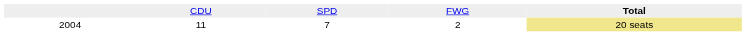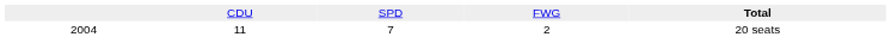 <table border="0" cellpadding="2" cellspacing="0" width="60%">
 <tr bgcolor="#eeeeee" align="center">
 <td></td>
 <td><a href='#'>CDU</a></td>
 <td><a href='#'>SPD</a></td>
 <td><a href='#'>FWG</a></td>
 <td><strong>Total</strong></td>
 </tr>
 <tr align="center">
 <td>2004</td>
 <td>11</td>
 <td>7</td>
 <td>2</td>
-<td style="background: khaki;">20 seats</td>
+<td>20 seats</td>
 </tr>
 </table>
